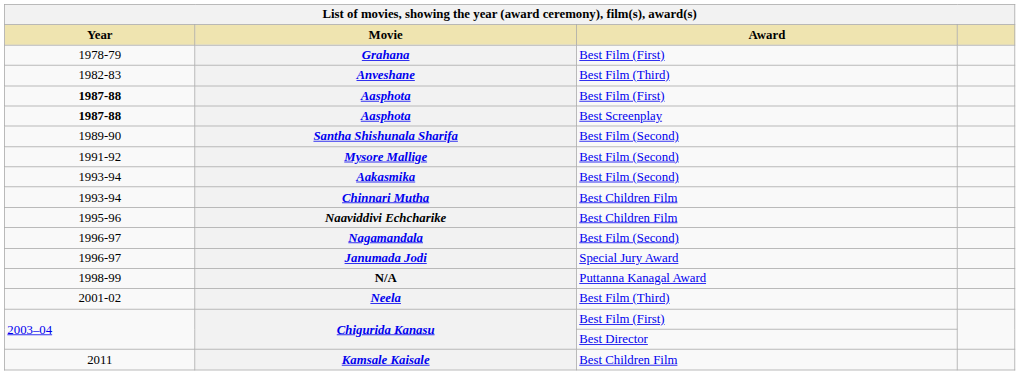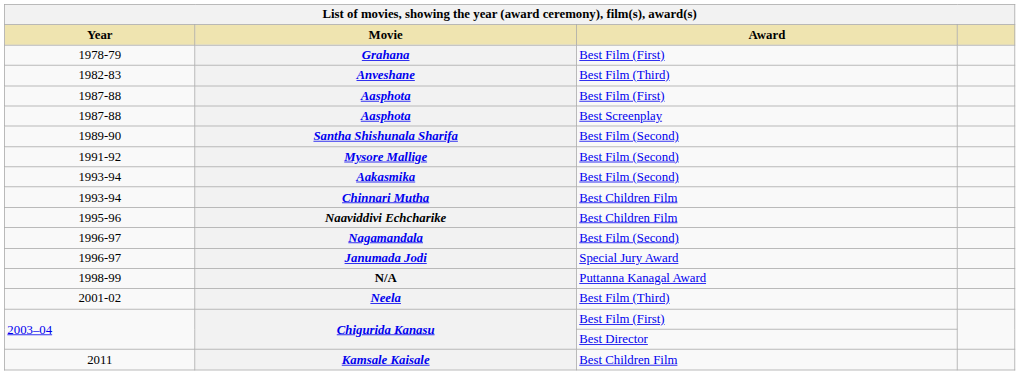 <table class="wikitable sortable plainrowheaders" style="width:100%">
 <tr>
 <th colspan="6">List of movies, showing the year (award ceremony), film(s), award(s)</th>
 </tr>
 <tr>
 <th scope="col" style="background-color:#EFE4B0;width:10%;">Year</th>
 <th scope="col" style="background-color:#EFE4B0;width:20%;">Movie</th>
 <th scope="col" style="background-color:#EFE4B0;width:20%;">Award</th>
 <th scope="col" style="background-color:#EFE4B0;width:3%" class="unsortable"></th>
 </tr>
 <tr>
 <td align="center">1978-79</td>
 <th scope="row"><em><a href='#'>Grahana</a></em></th>
 <td><a href='#'>Best Film (First)</a></td>
 <td align="center"></td>
 </tr>
 <tr>
 <td align="center">1982-83</td>
 <th scope="row"><em><a href='#'>Anveshane</a></em></th>
 <td><a href='#'>Best Film (Third)</a></td>
 <td align="center"></td>
 </tr>
 <tr>
-<td align="center"><strong>1987-88</strong></td>
+<td align="center">1987-88</td>
 <th scope="row"><em><a href='#'>Aasphota</a></em></th>
 <td><a href='#'>Best Film (First)</a></td>
 <td align="center"></td>
 </tr>
 <tr>
-<td align="center"><strong>1987-88</strong></td>
+<td align="center">1987-88</td>
 <th scope="row"><em><a href='#'>Aasphota</a></em></th>
 <td><a href='#'>Best Screenplay</a></td>
 <td align="center"></td>
 </tr>
 <tr>
 <td align="center">1989-90</td>
 <th scope="row"><em><a href='#'>Santha Shishunala Sharifa</a></em></th>
 <td><a href='#'>Best Film (Second)</a></td>
 <td align="center"></td>
 </tr>
 <tr>
 <td align="center">1991-92</td>
 <th scope="row"><em><a href='#'>Mysore Mallige</a></em></th>
 <td><a href='#'>Best Film (Second)</a></td>
 <td align="center"></td>
 </tr>
 <tr>
 <td align="center">1993-94</td>
 <th scope="row"><em><a href='#'>Aakasmika</a></em></th>
 <td><a href='#'>Best Film (Second)</a></td>
 <td align="center"></td>
 </tr>
 <tr>
 <td align="center">1993-94</td>
 <th scope="row"><em><a href='#'>Chinnari Mutha</a></em></th>
 <td><a href='#'>Best Children Film</a></td>
 <td align="center"></td>
 </tr>
 <tr>
 <td align="center">1995-96</td>
 <th scope="row"><em>Naaviddivi Echcharike</em></th>
 <td><a href='#'>Best Children Film</a></td>
 <td align="center"></td>
 </tr>
 <tr>
 <td align="center">1996-97</td>
 <th scope="row"><em><a href='#'>Nagamandala</a></em></th>
 <td><a href='#'>Best Film (Second)</a></td>
 <td align="center"></td>
 </tr>
 <tr>
 <td align="center">1996-97</td>
 <th scope="row"><em><a href='#'>Janumada Jodi</a></em></th>
 <td><a href='#'>Special Jury Award</a></td>
 <td align="center"></td>
 </tr>
 <tr>
 <td align="center">1998-99</td>
 <th scope="row">N/A</th>
 <td><a href='#'>Puttanna Kanagal Award</a></td>
 <td align="center"></td>
 </tr>
 <tr>
 <td align="center">2001-02</td>
 <th scope="row"><em><a href='#'>Neela</a></em></th>
 <td><a href='#'>Best Film (Third)</a></td>
 <td align="center"></td>
 </tr>
 <tr>
 <td rowspan=2><a href='#'>2003–04</a></td>
 <th rowspan=2><em><a href='#'>Chigurida Kanasu</a></em></th>
 <td><a href='#'>Best Film (First)</a></td>
 <td rowspan=2></td>
 </tr>
 <tr>
 <td><a href='#'>Best Director</a></td>
 </tr>
 <tr>
 <td align="center">2011</td>
 <th scope="row"><em><a href='#'>Kamsale Kaisale</a></em></th>
 <td><a href='#'>Best Children Film</a></td>
 <td align="center"></td>
 </tr>
 </table>
